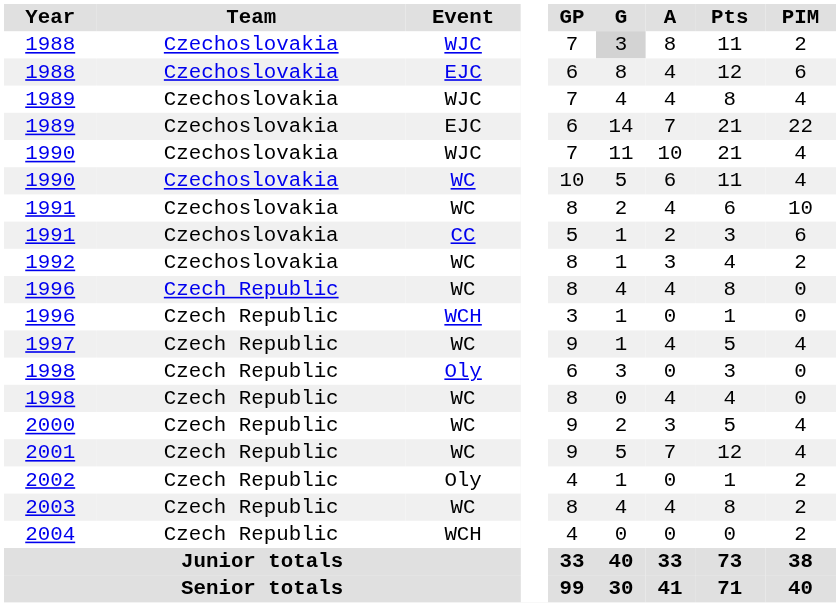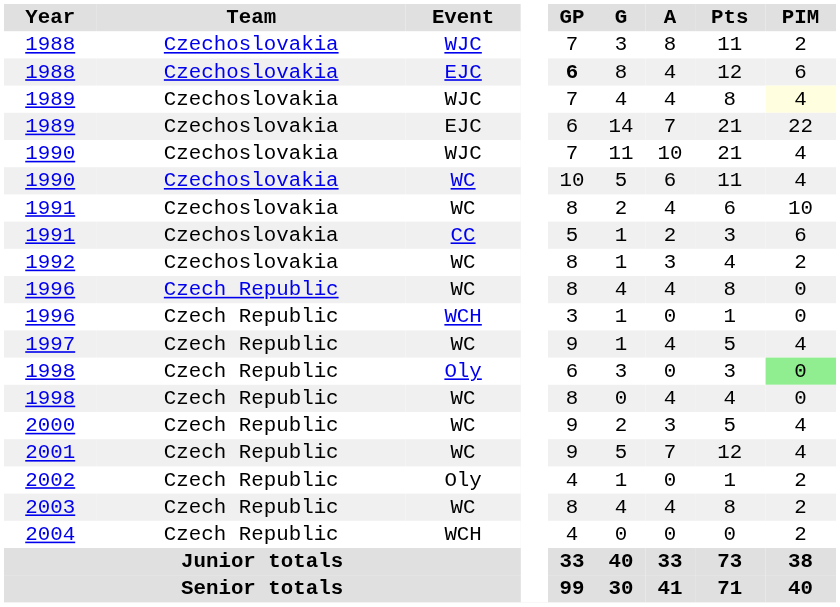 <table border="0" cellpadding="1" cellspacing="0" style="text-align:center; width:40em">
 <tr align="center" bgcolor="#e0e0e0">
 <th>Year</th>
 <th>Team</th>
 <th>Event</th>
 <th rowspan="99" bgcolor="#ffffff"> </th>
 <th>GP</th>
 <th>G</th>
 <th>A</th>
 <th>Pts</th>
 <th>PIM</th>
 </tr>
 <tr>
 <td><a href='#'>1988</a></td>
 <td><a href='#'>Czechoslovakia</a></td>
 <td><a href='#'>WJC</a></td>
 <td>7</td>
-<td style="background: lightgrey;">3</td>
+<td>3</td>
 <td>8</td>
 <td>11</td>
 <td>2</td>
 </tr>
 <tr style="background:#f0f0f0;">
 <td><a href='#'>1988</a></td>
 <td><a href='#'>Czechoslovakia</a></td>
 <td><a href='#'>EJC</a></td>
-<td>6</td>
+<td><strong>6</strong></td>
 <td>8</td>
 <td>4</td>
 <td>12</td>
 <td>6</td>
 </tr>
 <tr>
 <td><a href='#'>1989</a></td>
 <td>Czechoslovakia</td>
 <td>WJC</td>
 <td>7</td>
 <td>4</td>
 <td>4</td>
 <td>8</td>
-<td>4</td>
+<td style="background: lightyellow;">4</td>
 </tr>
 <tr style="background:#f0f0f0;">
 <td><a href='#'>1989</a></td>
 <td>Czechoslovakia</td>
 <td>EJC</td>
 <td>6</td>
 <td>14</td>
 <td>7</td>
 <td>21</td>
 <td>22</td>
 </tr>
 <tr>
 <td><a href='#'>1990</a></td>
 <td>Czechoslovakia</td>
 <td>WJC</td>
 <td>7</td>
 <td>11</td>
 <td>10</td>
 <td>21</td>
 <td>4</td>
 </tr>
 <tr style="background:#f0f0f0;">
 <td><a href='#'>1990</a></td>
 <td><a href='#'>Czechoslovakia</a></td>
 <td><a href='#'>WC</a></td>
 <td>10</td>
 <td>5</td>
 <td>6</td>
 <td>11</td>
 <td>4</td>
 </tr>
 <tr>
 <td><a href='#'>1991</a></td>
 <td>Czechoslovakia</td>
 <td>WC</td>
 <td>8</td>
 <td>2</td>
 <td>4</td>
 <td>6</td>
 <td>10</td>
 </tr>
 <tr style="background:#f0f0f0;">
 <td><a href='#'>1991</a></td>
 <td>Czechoslovakia</td>
 <td><a href='#'>CC</a></td>
 <td>5</td>
 <td>1</td>
 <td>2</td>
 <td>3</td>
 <td>6</td>
 </tr>
 <tr>
 <td><a href='#'>1992</a></td>
 <td>Czechoslovakia</td>
 <td>WC</td>
 <td>8</td>
 <td>1</td>
 <td>3</td>
 <td>4</td>
 <td>2</td>
 </tr>
 <tr style="background:#f0f0f0;">
 <td><a href='#'>1996</a></td>
 <td><a href='#'>Czech Republic</a></td>
 <td>WC</td>
 <td>8</td>
 <td>4</td>
 <td>4</td>
 <td>8</td>
 <td>0</td>
 </tr>
 <tr>
 <td><a href='#'>1996</a></td>
 <td>Czech Republic</td>
 <td><a href='#'>WCH</a></td>
 <td>3</td>
 <td>1</td>
 <td>0</td>
 <td>1</td>
 <td>0</td>
 </tr>
 <tr style="background:#f0f0f0;">
 <td><a href='#'>1997</a></td>
 <td>Czech Republic</td>
 <td>WC</td>
 <td>9</td>
 <td>1</td>
 <td>4</td>
 <td>5</td>
 <td>4</td>
 </tr>
 <tr>
 <td><a href='#'>1998</a></td>
 <td>Czech Republic</td>
 <td><a href='#'>Oly</a></td>
 <td>6</td>
 <td>3</td>
 <td>0</td>
 <td>3</td>
-<td>0</td>
+<td style="background: lightgreen;">0</td>
 </tr>
 <tr style="background:#f0f0f0;">
 <td><a href='#'>1998</a></td>
 <td>Czech Republic</td>
 <td>WC</td>
 <td>8</td>
 <td>0</td>
 <td>4</td>
 <td>4</td>
 <td>0</td>
 </tr>
 <tr>
 <td><a href='#'>2000</a></td>
 <td>Czech Republic</td>
 <td>WC</td>
 <td>9</td>
 <td>2</td>
 <td>3</td>
 <td>5</td>
 <td>4</td>
 </tr>
 <tr style="background:#f0f0f0;">
 <td><a href='#'>2001</a></td>
 <td>Czech Republic</td>
 <td>WC</td>
 <td>9</td>
 <td>5</td>
 <td>7</td>
 <td>12</td>
 <td>4</td>
 </tr>
 <tr>
 <td><a href='#'>2002</a></td>
 <td>Czech Republic</td>
 <td>Oly</td>
 <td>4</td>
 <td>1</td>
 <td>0</td>
 <td>1</td>
 <td>2</td>
 </tr>
 <tr style="background:#f0f0f0;">
 <td><a href='#'>2003</a></td>
 <td>Czech Republic</td>
 <td>WC</td>
 <td>8</td>
 <td>4</td>
 <td>4</td>
 <td>8</td>
 <td>2</td>
 </tr>
 <tr>
 <td><a href='#'>2004</a></td>
 <td>Czech Republic</td>
 <td>WCH</td>
 <td>4</td>
 <td>0</td>
 <td>0</td>
 <td>0</td>
 <td>2</td>
 </tr>
 <tr bgcolor="#e0e0e0">
 <th colspan=3>Junior totals</th>
 <th>33</th>
 <th>40</th>
 <th>33</th>
 <th>73</th>
 <th>38</th>
 </tr>
 <tr bgcolor="#e0e0e0">
 <th colspan=3>Senior totals</th>
 <th>99</th>
 <th>30</th>
 <th>41</th>
 <th>71</th>
 <th>40</th>
 </tr>
 </table>
